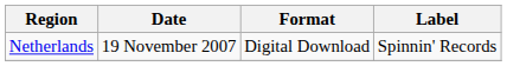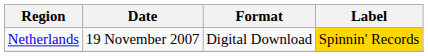 <table class=wikitable>
 <tr>
 <th>Region</th>
 <th>Date</th>
 <th>Format</th>
 <th>Label</th>
 </tr>
 <tr>
 <td><a href='#'>Netherlands</a></td>
 <td>19 November 2007</td>
 <td>Digital Download</td>
-<td>Spinnin' Records</td>
+<td style="background: gold;">Spinnin' Records</td>
 </tr>
 <tr>
 </tr>
 </table>
